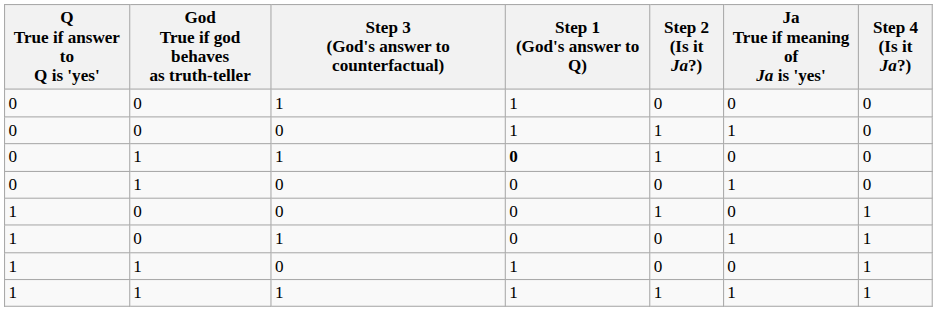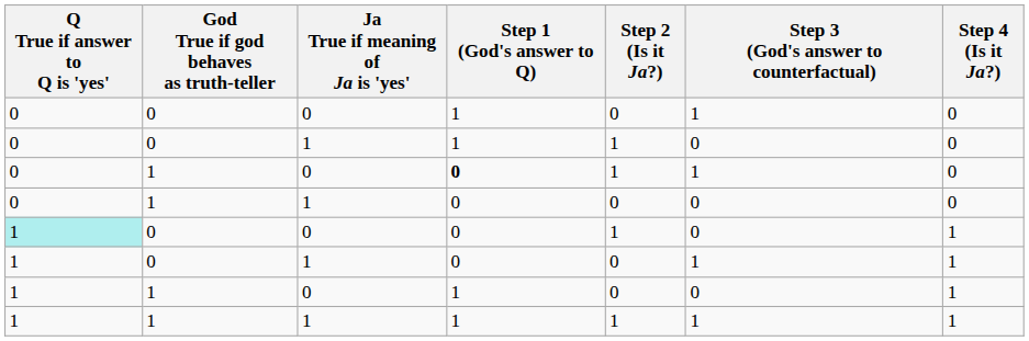 <table class="wikitable">
 <tr>
 <th>Q<br>True if answer to<br>Q is 'yes'</th>
 <th>God<br>True if god behaves<br>as truth-teller</th>
-<th>Step 3<br>(God's answer to counterfactual)</th>
+<th>Ja<br>True if meaning of<br><em>Ja</em> is 'yes'</th>
 <th>Step 1<br>(God's answer to Q)</th>
 <th>Step 2<br>(Is it <em>Ja</em>?)</th>
-<th>Ja<br>True if meaning of<br><em>Ja</em> is 'yes'</th>
+<th>Step 3<br>(God's answer to counterfactual)</th>
 <th>Step 4<br>(Is it <em>Ja</em>?)</th>
+</tr>
+<tr>
+<td>0</td>
+<td>0</td>
+<td>0</td>
+<td>1</td>
+<td>0</td>
+<td>1</td>
+<td>0</td>
 </tr>
 <tr>
 <td>0</td>
 <td>0</td>
 <td>1</td>
 <td>1</td>
-<td>0</td>
+<td>1</td>
 <td>0</td>
 <td>0</td>
 </tr>
 <tr>
 <td>0</td>
+<td>1</td>
 <td>0</td>
-<td>0</td>
-<td>1</td>
+<td><strong>0</strong></td>
 <td>1</td>
 <td>1</td>
 <td>0</td>
 </tr>
 <tr>
 <td>0</td>
 <td>1</td>
 <td>1</td>
-<td><strong>0</strong></td>
-<td>1</td>
+<td>0</td>
+<td>0</td>
 <td>0</td>
 <td>0</td>
 </tr>
 <tr>
-<td>0</td>
-<td>1</td>
-<td>0</td>
-<td>0</td>
-<td>0</td>
-<td>1</td>
-<td>0</td>
-</tr>
-<tr>
-<td>1</td>
+<td style="background: paleturquoise;">1</td>
 <td>0</td>
 <td>0</td>
 <td>0</td>
 <td>1</td>
 <td>0</td>
 <td>1</td>
 </tr>
 <tr>
 <td>1</td>
 <td>0</td>
 <td>1</td>
 <td>0</td>
 <td>0</td>
 <td>1</td>
 <td>1</td>
 </tr>
 <tr>
 <td>1</td>
 <td>1</td>
 <td>0</td>
 <td>1</td>
 <td>0</td>
 <td>0</td>
 <td>1</td>
 </tr>
 <tr>
 <td>1</td>
 <td>1</td>
 <td>1</td>
 <td>1</td>
 <td>1</td>
 <td>1</td>
 <td>1</td>
 </tr>
 </table>
